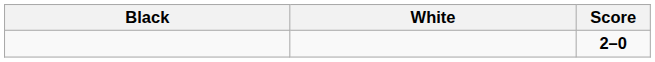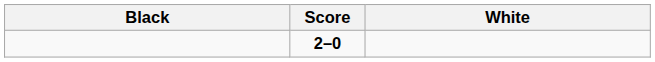 <table class="wikitable" style="text-align: center;">
 <tr>
 <th align="right" width="270">Black</th>
+<th width="65">Score</th>
 <th align="left" width="270">White</th>
-<th width="65">Score</th>
 </tr>
 <tr>
 <td align=left><strong></strong></td>
+<td align=center><strong>2–0</strong></td>
 <td align=left></td>
-<td align=center><strong>2–0</strong></td>
 </tr>
 </table>
